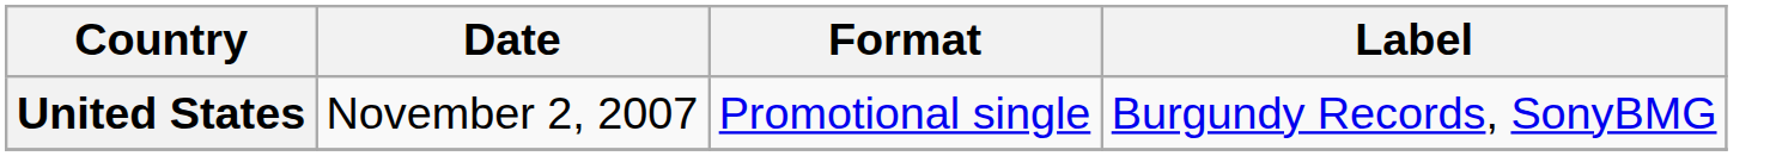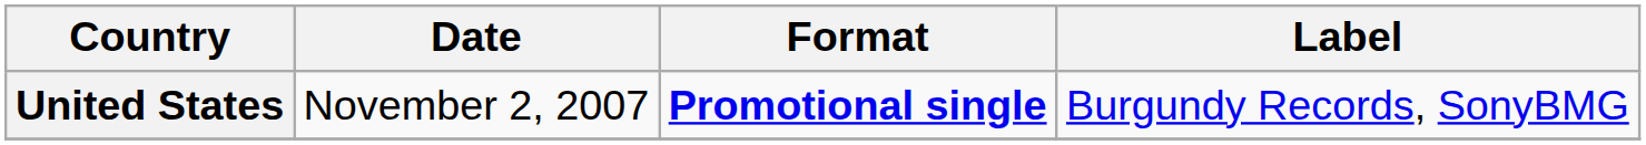 <table class="wikitable plainrowheaders">
 <tr>
 <th scope="col">Country</th>
 <th scope="col">Date</th>
 <th scope="col">Format</th>
 <th scope="col">Label</th>
 </tr>
 <tr>
 <th scope="row">United States</th>
 <td>November 2, 2007</td>
-<td><a href='#'>Promotional single</a></td>
+<td><strong><a href='#'>Promotional single</a></strong></td>
 <td><a href='#'>Burgundy Records</a>, <a href='#'>SonyBMG</a></td>
 </tr>
 <tr>
 </tr>
 </table>
